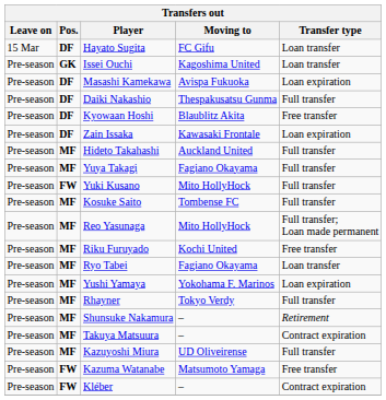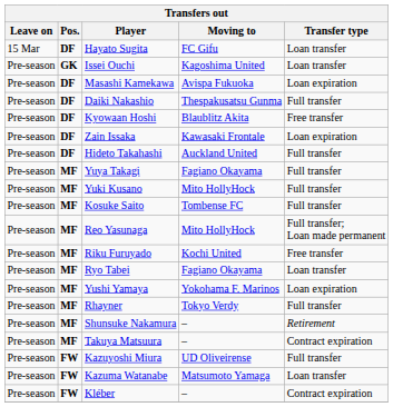 <table class="wikitable sortable" style=“text-align:left;>
 <tr>
 <th colspan="5">Transfers out</th>
 </tr>
 <tr>
 <th>Leave on</th>
 <th>Pos.</th>
 <th>Player</th>
 <th>Moving to</th>
 <th>Transfer type</th>
 </tr>
 <tr>
 <td>15 Mar</td>
 <td><strong>DF</strong></td>
 <td> <a href='#'>Hayato Sugita</a></td>
 <td> <a href='#'>FC Gifu</a></td>
 <td>Loan transfer</td>
 </tr>
 <tr>
 <td>Pre-season</td>
 <td><strong>GK</strong></td>
 <td> <a href='#'>Issei Ouchi</a></td>
 <td> <a href='#'>Kagoshima United</a></td>
 <td>Loan transfer</td>
 </tr>
 <tr>
 <td>Pre-season</td>
 <td><strong>DF</strong></td>
 <td> <a href='#'>Masashi Kamekawa</a></td>
 <td> <a href='#'>Avispa Fukuoka</a></td>
 <td>Loan expiration</td>
 </tr>
 <tr>
 <td>Pre-season</td>
 <td><strong>DF</strong></td>
 <td> <a href='#'>Daiki Nakashio</a></td>
 <td> <a href='#'>Thespakusatsu Gunma</a></td>
 <td>Full transfer</td>
 </tr>
 <tr>
 <td>Pre-season</td>
 <td><strong>DF</strong></td>
 <td> <a href='#'>Kyowaan Hoshi</a></td>
 <td> <a href='#'>Blaublitz Akita</a></td>
 <td>Free transfer</td>
 </tr>
 <tr>
 <td>Pre-season</td>
 <td><strong>DF</strong></td>
 <td> <a href='#'>Zain Issaka</a></td>
 <td> <a href='#'>Kawasaki Frontale</a></td>
 <td>Loan expiration</td>
 </tr>
 <tr>
 <td>Pre-season</td>
-<td><strong>MF</strong></td>
+<td><strong>DF</strong></td>
 <td> <a href='#'>Hideto Takahashi</a></td>
 <td> <a href='#'>Auckland United</a></td>
 <td>Full transfer</td>
 </tr>
 <tr>
 <td>Pre-season</td>
 <td><strong>MF</strong></td>
 <td> <a href='#'>Yuya Takagi</a></td>
 <td> <a href='#'>Fagiano Okayama</a></td>
 <td>Full transfer</td>
 </tr>
 <tr>
 <td>Pre-season</td>
-<td><strong>FW</strong></td>
+<td><strong>MF</strong></td>
 <td> <a href='#'>Yuki Kusano</a></td>
 <td> <a href='#'>Mito HollyHock</a></td>
 <td>Full transfer</td>
 </tr>
 <tr>
 <td>Pre-season</td>
 <td><strong>MF</strong></td>
 <td> <a href='#'>Kosuke Saito</a></td>
 <td> <a href='#'>Tombense FC</a></td>
 <td>Full transfer</td>
 </tr>
 <tr>
 <td>Pre-season</td>
 <td><strong>MF</strong></td>
 <td> <a href='#'>Reo Yasunaga</a></td>
 <td> <a href='#'>Mito HollyHock</a></td>
 <td>Full transfer;<br> Loan made permanent</td>
 </tr>
 <tr>
 <td>Pre-season</td>
 <td><strong>MF</strong></td>
 <td> <a href='#'>Riku Furuyado</a></td>
 <td> <a href='#'>Kochi United</a></td>
 <td>Free transfer</td>
 </tr>
 <tr>
 <td>Pre-season</td>
 <td><strong>MF</strong></td>
 <td> <a href='#'>Ryo Tabei</a></td>
 <td> <a href='#'>Fagiano Okayama</a></td>
 <td>Loan transfer</td>
 </tr>
 <tr>
 <td>Pre-season</td>
 <td><strong>MF</strong></td>
 <td> <a href='#'>Yushi Yamaya</a></td>
 <td> <a href='#'>Yokohama F. Marinos</a></td>
 <td>Loan expiration</td>
 </tr>
 <tr>
 <td>Pre-season</td>
 <td><strong>MF</strong></td>
 <td> <a href='#'>Rhayner</a></td>
 <td> <a href='#'>Tokyo Verdy</a></td>
 <td>Full transfer</td>
 </tr>
 <tr>
 <td>Pre-season</td>
 <td><strong>MF</strong></td>
 <td> <a href='#'>Shunsuke Nakamura</a></td>
 <td>–</td>
 <td><em>Retirement</em></td>
 </tr>
 <tr>
 <td>Pre-season</td>
 <td><strong>MF</strong></td>
 <td> <a href='#'>Takuya Matsuura</a></td>
 <td>–</td>
 <td>Contract expiration</td>
 </tr>
 <tr>
 <td>Pre-season</td>
-<td><strong>MF</strong></td>
+<td><strong>FW</strong></td>
 <td> <a href='#'>Kazuyoshi Miura</a></td>
 <td> <a href='#'>UD Oliveirense</a></td>
 <td>Full transfer</td>
 </tr>
 <tr>
 <td>Pre-season</td>
 <td><strong>FW</strong></td>
 <td> <a href='#'>Kazuma Watanabe</a></td>
 <td> <a href='#'>Matsumoto Yamaga</a></td>
-<td>Free transfer</td>
+<td>Loan transfer</td>
 </tr>
 <tr>
 <td>Pre-season</td>
 <td><strong>FW</strong></td>
 <td> <a href='#'>Kléber</a></td>
 <td>–</td>
 <td>Contract expiration</td>
 </tr>
 <tr>
 </tr>
 </table>
